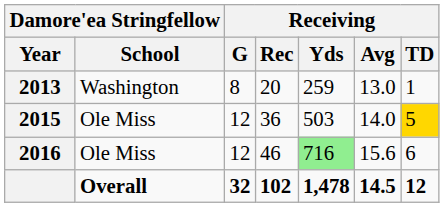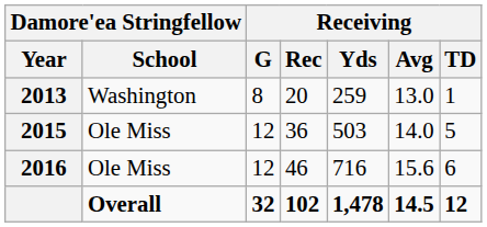 <table class="wikitable sortable">
 <tr>
 <th colspan="2">Damore'ea Stringfellow</th>
 <th colspan="5">Receiving</th>
 </tr>
 <tr>
 <th>Year</th>
 <th>School</th>
 <th>G</th>
 <th>Rec</th>
 <th>Yds</th>
 <th>Avg</th>
 <th>TD</th>
 </tr>
 <tr>
 <th>2013</th>
 <td>Washington</td>
 <td>8</td>
 <td>20</td>
 <td>259</td>
 <td>13.0</td>
 <td>1</td>
 </tr>
 <tr>
 <th>2015</th>
 <td>Ole Miss</td>
 <td>12</td>
 <td>36</td>
 <td>503</td>
 <td>14.0</td>
-<td style="background: gold;">5</td>
+<td>5</td>
 </tr>
 <tr>
 <th>2016</th>
 <td>Ole Miss</td>
 <td>12</td>
 <td>46</td>
-<td style="background: lightgreen;">716</td>
+<td>716</td>
 <td>15.6</td>
 <td>6</td>
 </tr>
 <tr>
 <th></th>
 <td><strong>Overall</strong></td>
 <td><strong>32</strong></td>
 <td><strong>102</strong></td>
 <td><strong>1,478</strong></td>
 <td><strong>14.5</strong></td>
 <td><strong>12</strong></td>
 </tr>
 </table>
